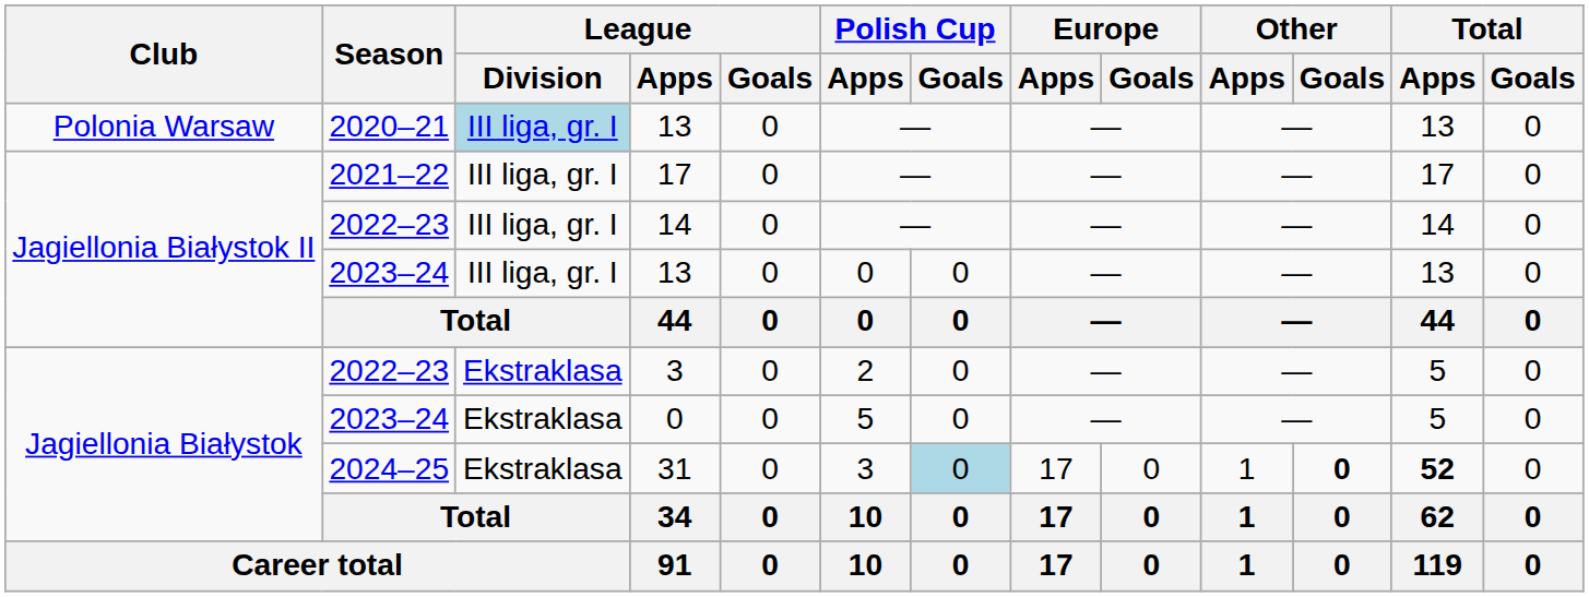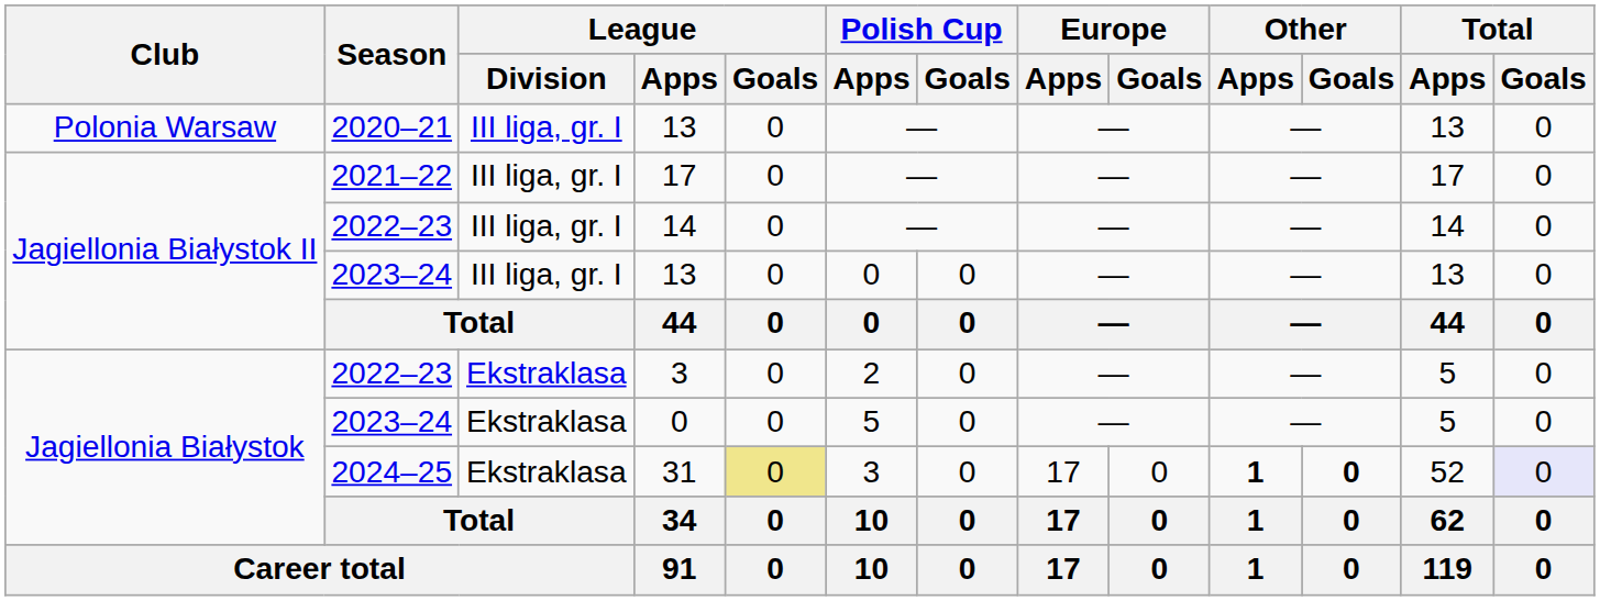 <table class="wikitable" style="text-align: center;">
 <tr>
 <th rowspan="2">Club</th>
 <th rowspan="2">Season</th>
 <th colspan="3">League</th>
 <th colspan="2"><a href='#'>Polish Cup</a></th>
 <th colspan="2">Europe</th>
 <th colspan="2">Other</th>
 <th colspan="2">Total</th>
 </tr>
 <tr>
 <th>Division</th>
 <th>Apps</th>
 <th>Goals</th>
 <th>Apps</th>
 <th>Goals</th>
 <th>Apps</th>
 <th>Goals</th>
 <th>Apps</th>
 <th>Goals</th>
 <th>Apps</th>
 <th>Goals</th>
 </tr>
 <tr>
 <td><a href='#'>Polonia Warsaw</a></td>
 <td><a href='#'>2020–21</a></td>
-<td style="background: lightblue;"><a href='#'>III liga, gr. I</a></td>
+<td><a href='#'>III liga, gr. I</a></td>
 <td>13</td>
 <td>0</td>
 <td colspan="2">—</td>
 <td colspan="2">—</td>
 <td colspan="2">—</td>
 <td>13</td>
 <td>0</td>
 </tr>
 <tr>
 <td rowspan="4"><a href='#'>Jagiellonia Białystok II</a></td>
 <td><a href='#'>2021–22</a></td>
 <td>III liga, gr. I</td>
 <td>17</td>
 <td>0</td>
 <td colspan="2">—</td>
 <td colspan="2">—</td>
 <td colspan="2">—</td>
 <td>17</td>
 <td>0</td>
 </tr>
 <tr>
 <td><a href='#'>2022–23</a></td>
 <td>III liga, gr. I</td>
 <td>14</td>
 <td>0</td>
 <td colspan="2">—</td>
 <td colspan="2">—</td>
 <td colspan="2">—</td>
 <td>14</td>
 <td>0</td>
 </tr>
 <tr>
 <td><a href='#'>2023–24</a></td>
 <td>III liga, gr. I</td>
 <td>13</td>
 <td>0</td>
 <td>0</td>
 <td>0</td>
 <td colspan="2">—</td>
 <td colspan="2">—</td>
 <td>13</td>
 <td>0</td>
 </tr>
 <tr>
 <th colspan="2">Total</th>
 <th>44</th>
 <th>0</th>
 <th>0</th>
 <th>0</th>
 <th colspan="2">—</th>
 <th colspan="2">—</th>
 <th>44</th>
 <th>0</th>
 </tr>
 <tr>
 <td rowspan="4"><a href='#'>Jagiellonia Białystok</a></td>
 <td><a href='#'>2022–23</a></td>
 <td><a href='#'>Ekstraklasa</a></td>
 <td>3</td>
 <td>0</td>
 <td>2</td>
 <td>0</td>
 <td colspan="2">—</td>
 <td colspan="2">—</td>
 <td>5</td>
 <td>0</td>
 </tr>
 <tr>
 <td><a href='#'>2023–24</a></td>
 <td>Ekstraklasa</td>
 <td>0</td>
 <td>0</td>
 <td>5</td>
 <td>0</td>
 <td colspan="2">—</td>
 <td colspan="2">—</td>
 <td>5</td>
 <td>0</td>
 </tr>
 <tr>
 <td><a href='#'>2024–25</a></td>
 <td>Ekstraklasa</td>
 <td>31</td>
+<td style="background: khaki;">0</td>
+<td>3</td>
 <td>0</td>
-<td>3</td>
-<td style="background: lightblue;">0</td>
 <td>17</td>
 <td>0</td>
-<td>1</td>
+<td><strong>1</strong></td>
 <td><strong>0</strong></td>
-<td><strong>52</strong></td>
-<td>0</td>
+<td>52</td>
+<td style="background: lavender;">0</td>
 </tr>
 <tr>
 <th colspan="2">Total</th>
 <th>34</th>
 <th>0</th>
 <th>10</th>
 <th>0</th>
 <th>17</th>
 <th>0</th>
 <th>1</th>
 <th>0</th>
 <th>62</th>
 <th>0</th>
 </tr>
 <tr>
 <th colspan="3">Career total</th>
 <th>91</th>
 <th>0</th>
 <th>10</th>
 <th>0</th>
 <th>17</th>
 <th>0</th>
 <th>1</th>
 <th>0</th>
 <th>119</th>
 <th>0</th>
 </tr>
 </table>
